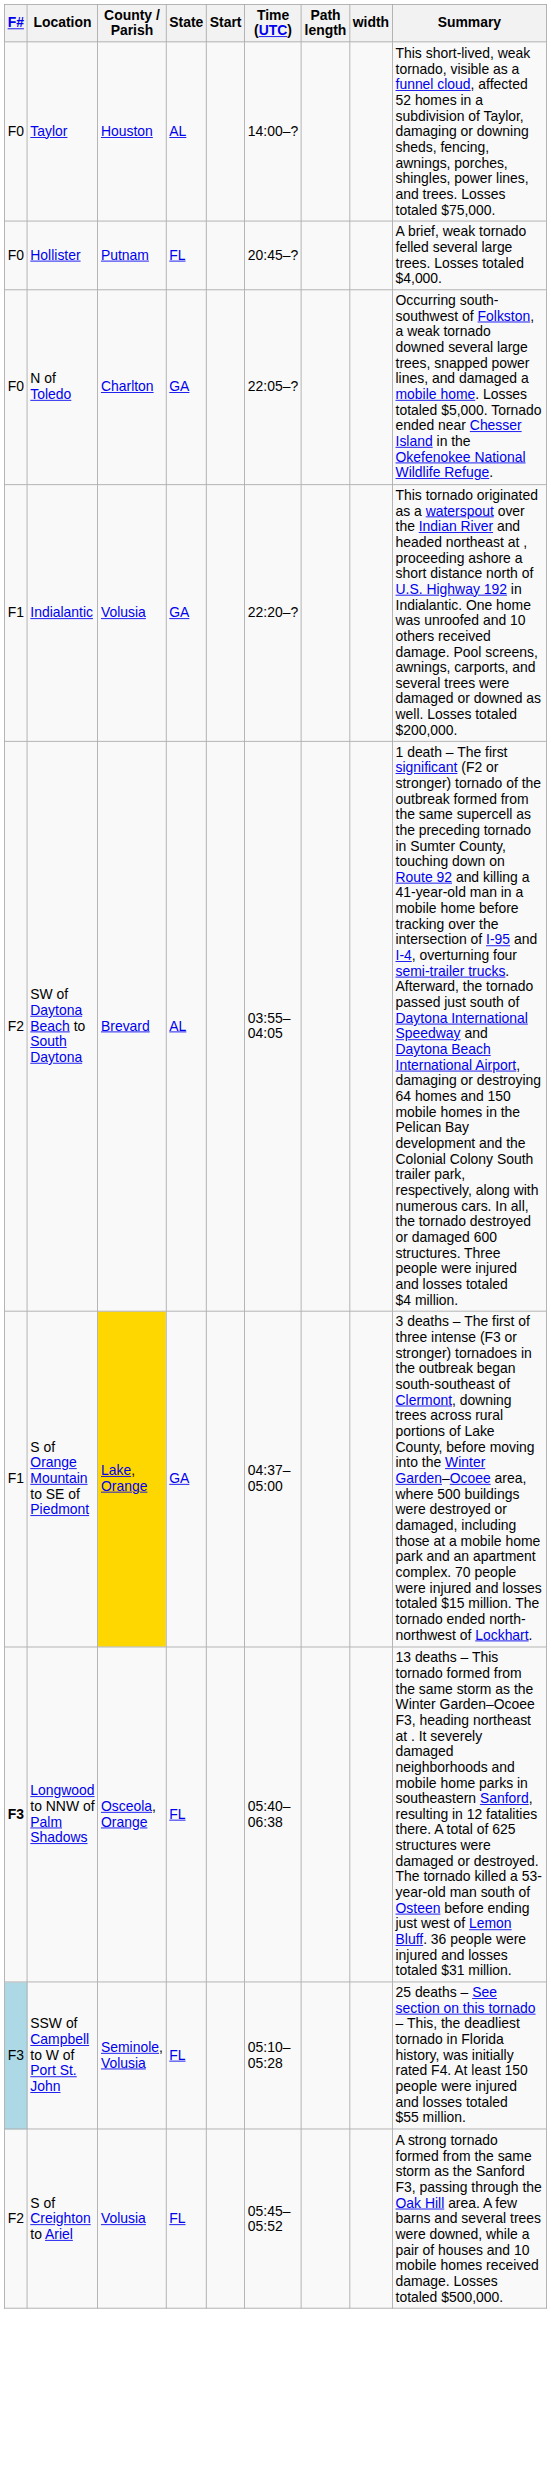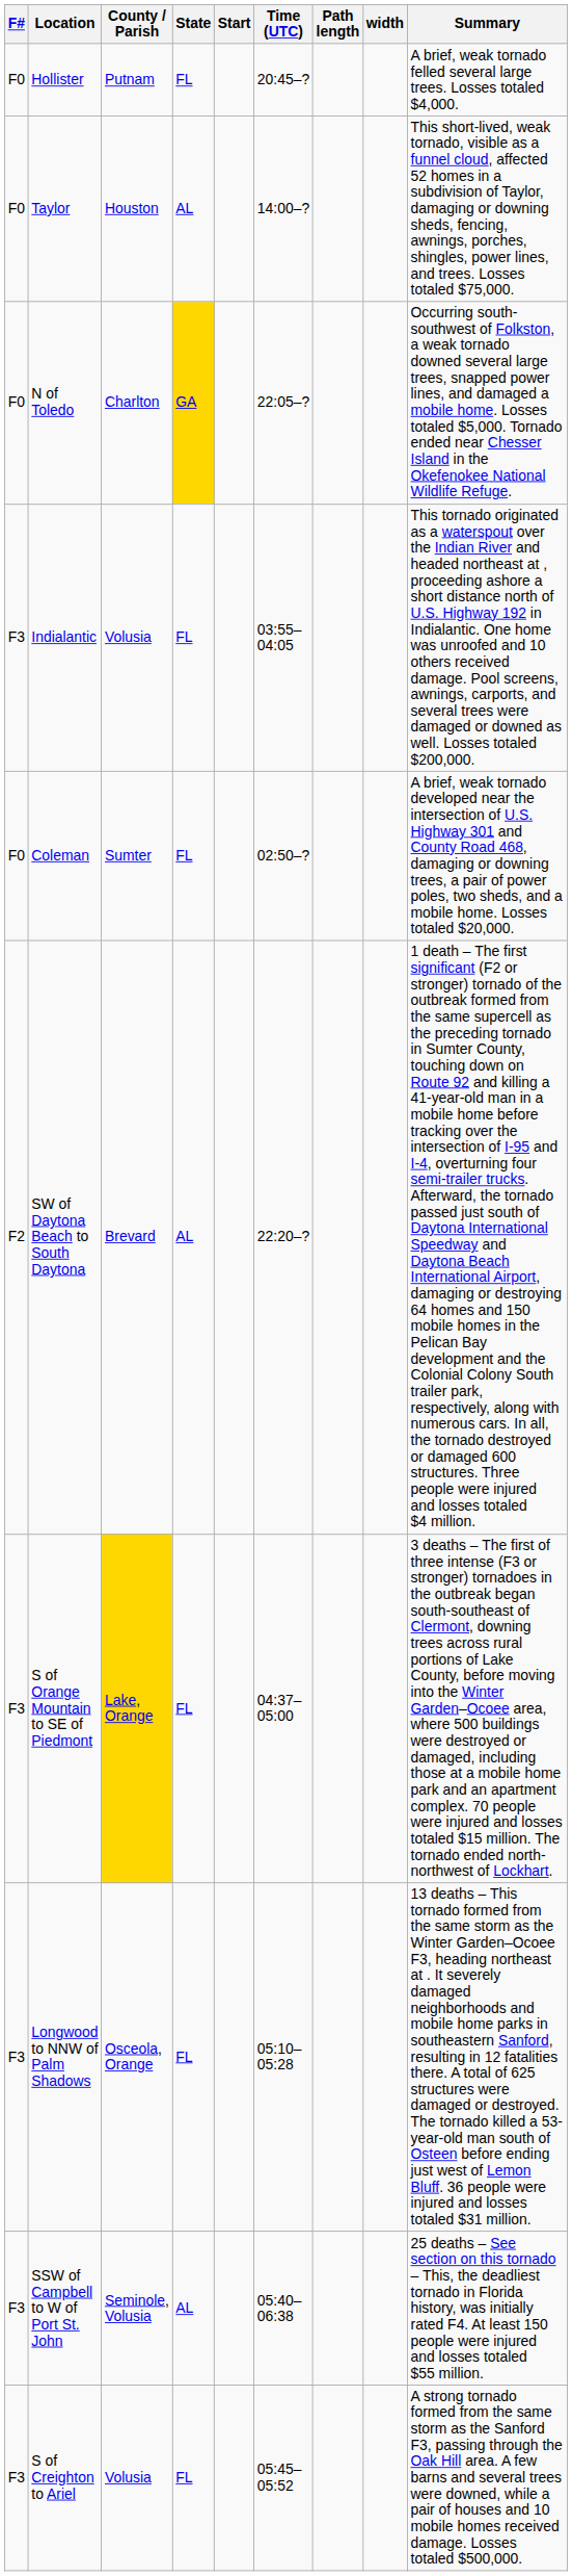 <table class="wikitable sortable" style="width:100%;">
 <tr>
 <th scope="col"  style="width:3%; text-align:center;"><a href='#'>F#</a></th>
 <th scope="col"  style="width:7%; text-align:center;" class="unsortable">Location</th>
 <th scope="col"  style="width:6%; text-align:center;" class="unsortable">County / Parish</th>
 <th scope="col"  style="width:5%; text-align:center;">State</th>
 <th scope="col"  style="width:6%; text-align:center;">Start<br></th>
 <th scope="col"  style="width:6%; text-align:center;">Time (<a href='#'>UTC</a>)</th>
 <th scope="col"  style="width:6%; text-align:center;">Path length</th>
 <th scope="col"  style="width:6%; text-align:center;"> width</th>
 <th scope="col" class="unsortable" style="width:48%; text-align:center;">Summary</th>
 </tr>
 <tr>
 <td>F0</td>
+<td><a href='#'>Hollister</a></td>
+<td><a href='#'>Putnam</a></td>
+<td><a href='#'>FL</a></td>
+<td></td>
+<td>20:45–?</td>
+<td></td>
+<td></td>
+<td>A brief, weak tornado felled several large trees. Losses totaled $4,000.</td>
+</tr>
+<tr>
+<td>F0</td>
 <td><a href='#'>Taylor</a></td>
 <td><a href='#'>Houston</a></td>
 <td><a href='#'>AL</a></td>
 <td></td>
 <td>14:00–?</td>
 <td></td>
 <td></td>
 <td>This short-lived, weak tornado, visible as a <a href='#'>funnel cloud</a>, affected 52 homes in a subdivision of Taylor, damaging or downing sheds, fencing, awnings, porches, shingles, power lines, and trees. Losses totaled $75,000.</td>
 </tr>
 <tr>
 <td>F0</td>
-<td><a href='#'>Hollister</a></td>
-<td><a href='#'>Putnam</a></td>
-<td><a href='#'>FL</a></td>
-<td></td>
-<td>20:45–?</td>
-<td></td>
-<td></td>
-<td>A brief, weak tornado felled several large trees. Losses totaled $4,000.</td>
-</tr>
-<tr>
-<td>F0</td>
 <td>N of <a href='#'>Toledo</a></td>
 <td><a href='#'>Charlton</a></td>
-<td><a href='#'>GA</a></td>
+<td style="background: gold;"><a href='#'>GA</a></td>
 <td></td>
 <td>22:05–?</td>
 <td></td>
 <td></td>
 <td>Occurring south-southwest of <a href='#'>Folkston</a>, a weak tornado downed several large trees, snapped power lines, and damaged a <a href='#'>mobile home</a>. Losses totaled $5,000. Tornado ended near <a href='#'>Chesser Island</a> in the <a href='#'>Okefenokee National Wildlife Refuge</a>.</td>
 </tr>
 <tr>
-<td>F1</td>
+<td>F3</td>
 <td><a href='#'>Indialantic</a></td>
 <td><a href='#'>Volusia</a></td>
-<td><a href='#'>GA</a></td>
+<td><a href='#'>FL</a></td>
 <td></td>
-<td>22:20–?</td>
+<td>03:55–04:05</td>
 <td></td>
 <td></td>
 <td>This tornado originated as a <a href='#'>waterspout</a> over the <a href='#'>Indian River</a> and headed northeast at , proceeding ashore a short distance north of <a href='#'>U.S. Highway 192</a> in Indialantic. One home was unroofed and 10 others received damage. Pool screens, awnings, carports, and several trees were damaged or downed as well. Losses totaled $200,000.</td>
+</tr>
+<tr>
+<td>F0</td>
+<td><a href='#'>Coleman</a></td>
+<td><a href='#'>Sumter</a></td>
+<td><a href='#'>FL</a></td>
+<td></td>
+<td>02:50–?</td>
+<td></td>
+<td></td>
+<td>A brief, weak tornado developed near the intersection of <a href='#'>U.S. Highway 301</a> and <a href='#'>County Road 468</a>, damaging or downing trees, a pair of power poles, two sheds, and a mobile home. Losses totaled $20,000.</td>
 </tr>
 <tr>
 <td>F2</td>
 <td>SW of <a href='#'>Daytona Beach</a> to <a href='#'>South Daytona</a></td>
 <td><a href='#'>Brevard</a></td>
 <td><a href='#'>AL</a></td>
 <td></td>
-<td>03:55–04:05</td>
+<td>22:20–?</td>
 <td></td>
 <td></td>
 <td>1 death – The first <a href='#'>significant</a> (F2 or stronger) tornado of the outbreak formed from the same supercell as the preceding tornado in Sumter County, touching down on <a href='#'>Route 92</a> and killing a 41-year-old man in a mobile home before tracking over the intersection of <a href='#'>I-95</a> and <a href='#'>I-4</a>, overturning four <a href='#'>semi-trailer trucks</a>. Afterward, the tornado passed just south of <a href='#'>Daytona International Speedway</a> and <a href='#'>Daytona Beach International Airport</a>, damaging or destroying 64 homes and 150 mobile homes in the Pelican Bay development and the Colonial Colony South trailer park, respectively, along with numerous cars. In all, the tornado destroyed or damaged 600 structures.  Three people were injured and losses totaled $4 million.</td>
 </tr>
 <tr>
-<td>F1</td>
+<td>F3</td>
 <td>S of <a href='#'>Orange Mountain</a> to SE of <a href='#'>Piedmont</a></td>
 <td style="background: gold;"><a href='#'>Lake</a>, <a href='#'>Orange</a></td>
-<td><a href='#'>GA</a></td>
+<td><a href='#'>FL</a></td>
 <td></td>
 <td>04:37–05:00</td>
 <td></td>
 <td></td>
 <td>3 deaths – The first of three intense (F3 or stronger) tornadoes in the outbreak began south-southeast of <a href='#'>Clermont</a>, downing trees across rural portions of Lake County, before moving into the <a href='#'>Winter Garden</a>–<a href='#'>Ocoee</a> area, where 500 buildings were destroyed or damaged, including those at a mobile home park and an apartment complex. 70 people were injured and losses totaled $15 million. The tornado ended north-northwest of <a href='#'>Lockhart</a>.</td>
 </tr>
 <tr>
-<td><strong>F3</strong></td>
+<td>F3</td>
 <td><a href='#'>Longwood</a> to NNW of <a href='#'>Palm Shadows</a></td>
 <td><a href='#'>Osceola</a>, <a href='#'>Orange</a></td>
 <td><a href='#'>FL</a></td>
 <td></td>
-<td>05:40–06:38</td>
+<td>05:10–05:28</td>
 <td></td>
 <td></td>
 <td>13 deaths – This tornado formed from the same storm as the Winter Garden–Ocoee F3, heading northeast at . It severely damaged neighborhoods and mobile home parks in southeastern <a href='#'>Sanford</a>, resulting in 12 fatalities there.  A total of 625 structures were damaged or destroyed. The tornado killed a 53-year-old man  south of <a href='#'>Osteen</a> before ending just west of <a href='#'>Lemon Bluff</a>. 36 people were injured and losses totaled $31 million.</td>
 </tr>
 <tr>
-<td style="background: lightblue;">F3</td>
+<td>F3</td>
 <td>SSW of <a href='#'>Campbell</a> to W of <a href='#'>Port St. John</a></td>
 <td><a href='#'>Seminole</a>, <a href='#'>Volusia</a></td>
-<td><a href='#'>FL</a></td>
+<td><a href='#'>AL</a></td>
 <td></td>
-<td>05:10–05:28</td>
+<td>05:40–06:38</td>
 <td></td>
 <td></td>
 <td>25 deaths – <a href='#'>See section on this tornado</a> – This, the deadliest tornado in Florida history, was initially rated F4. At least 150 people were injured and losses totaled $55 million.</td>
 </tr>
 <tr>
-<td>F2</td>
+<td>F3</td>
 <td>S of <a href='#'>Creighton</a> to <a href='#'>Ariel</a></td>
 <td><a href='#'>Volusia</a></td>
 <td><a href='#'>FL</a></td>
 <td></td>
 <td>05:45–05:52</td>
 <td></td>
 <td></td>
 <td>A strong tornado formed from the same storm as the Sanford F3, passing through the <a href='#'>Oak Hill</a> area. A few barns and several trees were downed, while a pair of houses and 10 mobile homes received damage. Losses totaled $500,000.</td>
 </tr>
 </table>
